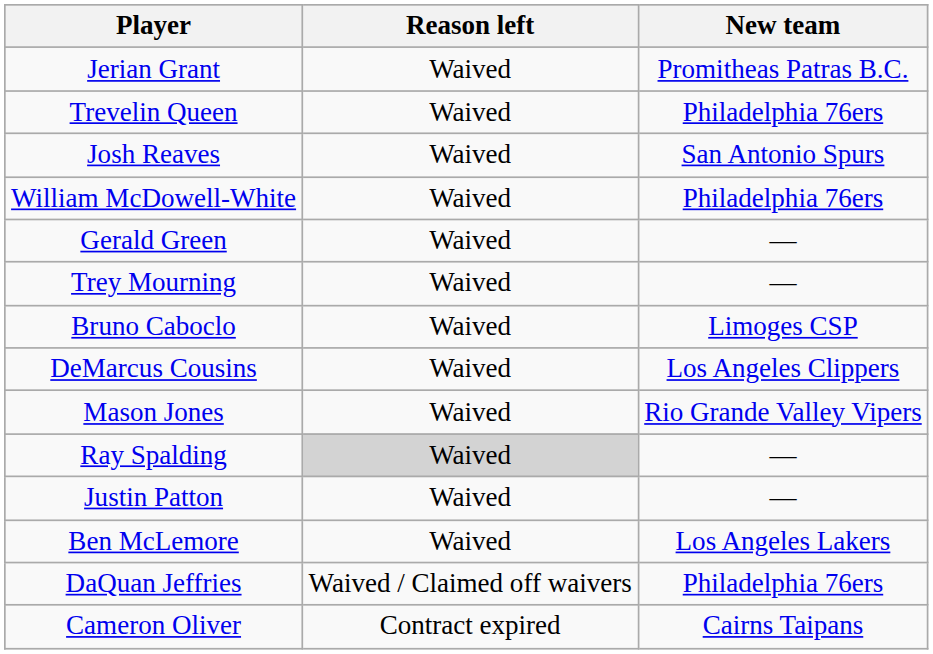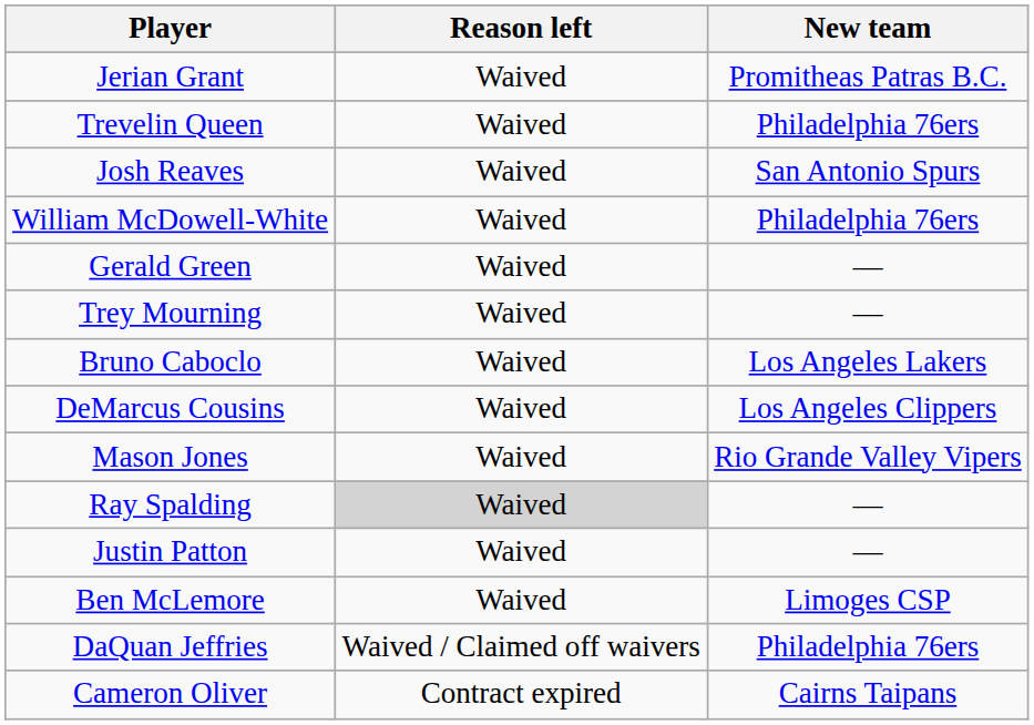 <table class="wikitable sortable sortable" style="text-align: center">
 <tr>
 <th>Player</th>
 <th>Reason left</th>
 <th>New team</th>
 </tr>
 <tr>
 <td><a href='#'>Jerian Grant</a></td>
 <td>Waived</td>
 <td> <a href='#'>Promitheas Patras B.C.</a></td>
 </tr>
 <tr>
 <td><a href='#'>Trevelin Queen</a></td>
 <td>Waived</td>
 <td><a href='#'>Philadelphia 76ers</a></td>
 </tr>
 <tr>
 <td><a href='#'>Josh Reaves</a></td>
 <td>Waived</td>
 <td><a href='#'>San Antonio Spurs</a></td>
 </tr>
 <tr>
 <td><a href='#'>William McDowell-White</a></td>
 <td>Waived</td>
 <td><a href='#'>Philadelphia 76ers</a></td>
 </tr>
 <tr>
 <td><a href='#'>Gerald Green</a></td>
 <td>Waived</td>
 <td>—</td>
 </tr>
 <tr>
 <td><a href='#'>Trey Mourning</a></td>
 <td>Waived</td>
 <td>—</td>
 </tr>
 <tr>
 <td><a href='#'>Bruno Caboclo</a></td>
 <td>Waived</td>
-<td> <a href='#'>Limoges CSP</a></td>
+<td><a href='#'>Los Angeles Lakers</a></td>
 </tr>
 <tr>
 <td><a href='#'>DeMarcus Cousins</a></td>
 <td>Waived</td>
 <td><a href='#'>Los Angeles Clippers</a></td>
 </tr>
 <tr>
 <td><a href='#'>Mason Jones</a></td>
 <td>Waived</td>
 <td><a href='#'>Rio Grande Valley Vipers</a></td>
 </tr>
 <tr>
 <td><a href='#'>Ray Spalding</a></td>
 <td style="background: lightgrey;">Waived</td>
 <td>—</td>
 </tr>
 <tr>
 <td><a href='#'>Justin Patton</a></td>
 <td>Waived</td>
 <td>—</td>
 </tr>
 <tr>
 <td><a href='#'>Ben McLemore</a></td>
 <td>Waived</td>
-<td><a href='#'>Los Angeles Lakers</a></td>
+<td> <a href='#'>Limoges CSP</a></td>
 </tr>
 <tr>
 <td><a href='#'>DaQuan Jeffries</a></td>
 <td>Waived / Claimed off waivers</td>
 <td><a href='#'>Philadelphia 76ers</a></td>
 </tr>
 <tr>
 <td><a href='#'>Cameron Oliver</a></td>
 <td>Contract expired</td>
 <td> <a href='#'>Cairns Taipans</a></td>
 </tr>
 </table>
